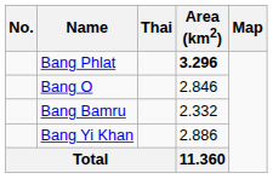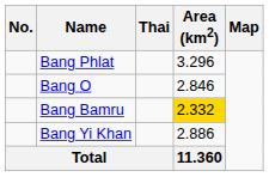 <table class="wikitable sortable">
 <tr>
 <th>No.</th>
 <th>Name</th>
 <th>Thai</th>
 <th>Area<br>(km<sup>2</sup>)</th>
 <th>Map</th>
 </tr>
 <tr>
 <td></td>
 <td><a href='#'>Bang Phlat</a></td>
 <td></td>
-<td><strong><div>3.296</div></strong></td>
+<td><div>3.296</div></td>
 <td rowspan=5></td>
 </tr>
 <tr>
 <td></td>
 <td><a href='#'>Bang O</a></td>
 <td></td>
 <td><div>2.846</div></td>
 </tr>
 <tr>
 <td></td>
 <td><a href='#'>Bang Bamru</a></td>
 <td></td>
-<td><div>2.332</div></td>
+<td style="background: gold;"><div>2.332</div></td>
 </tr>
 <tr>
 <td></td>
 <td><a href='#'>Bang Yi Khan</a></td>
 <td></td>
 <td><div>2.886</div></td>
 </tr>
 <tr>
 <th colspan=3>Total</th>
 <th><div>11.360</div></th>
 </tr>
 </table>
